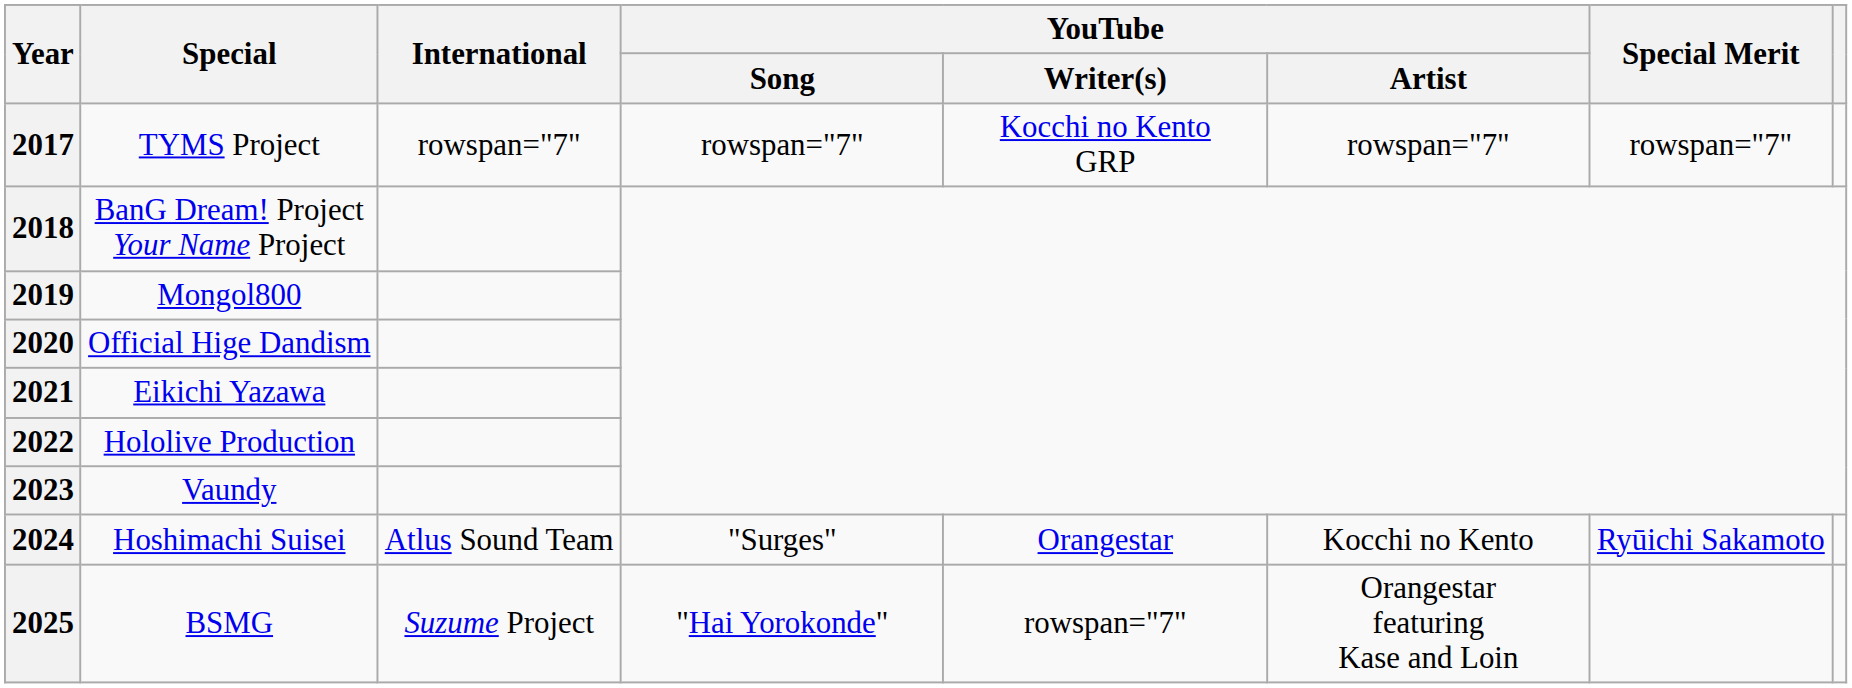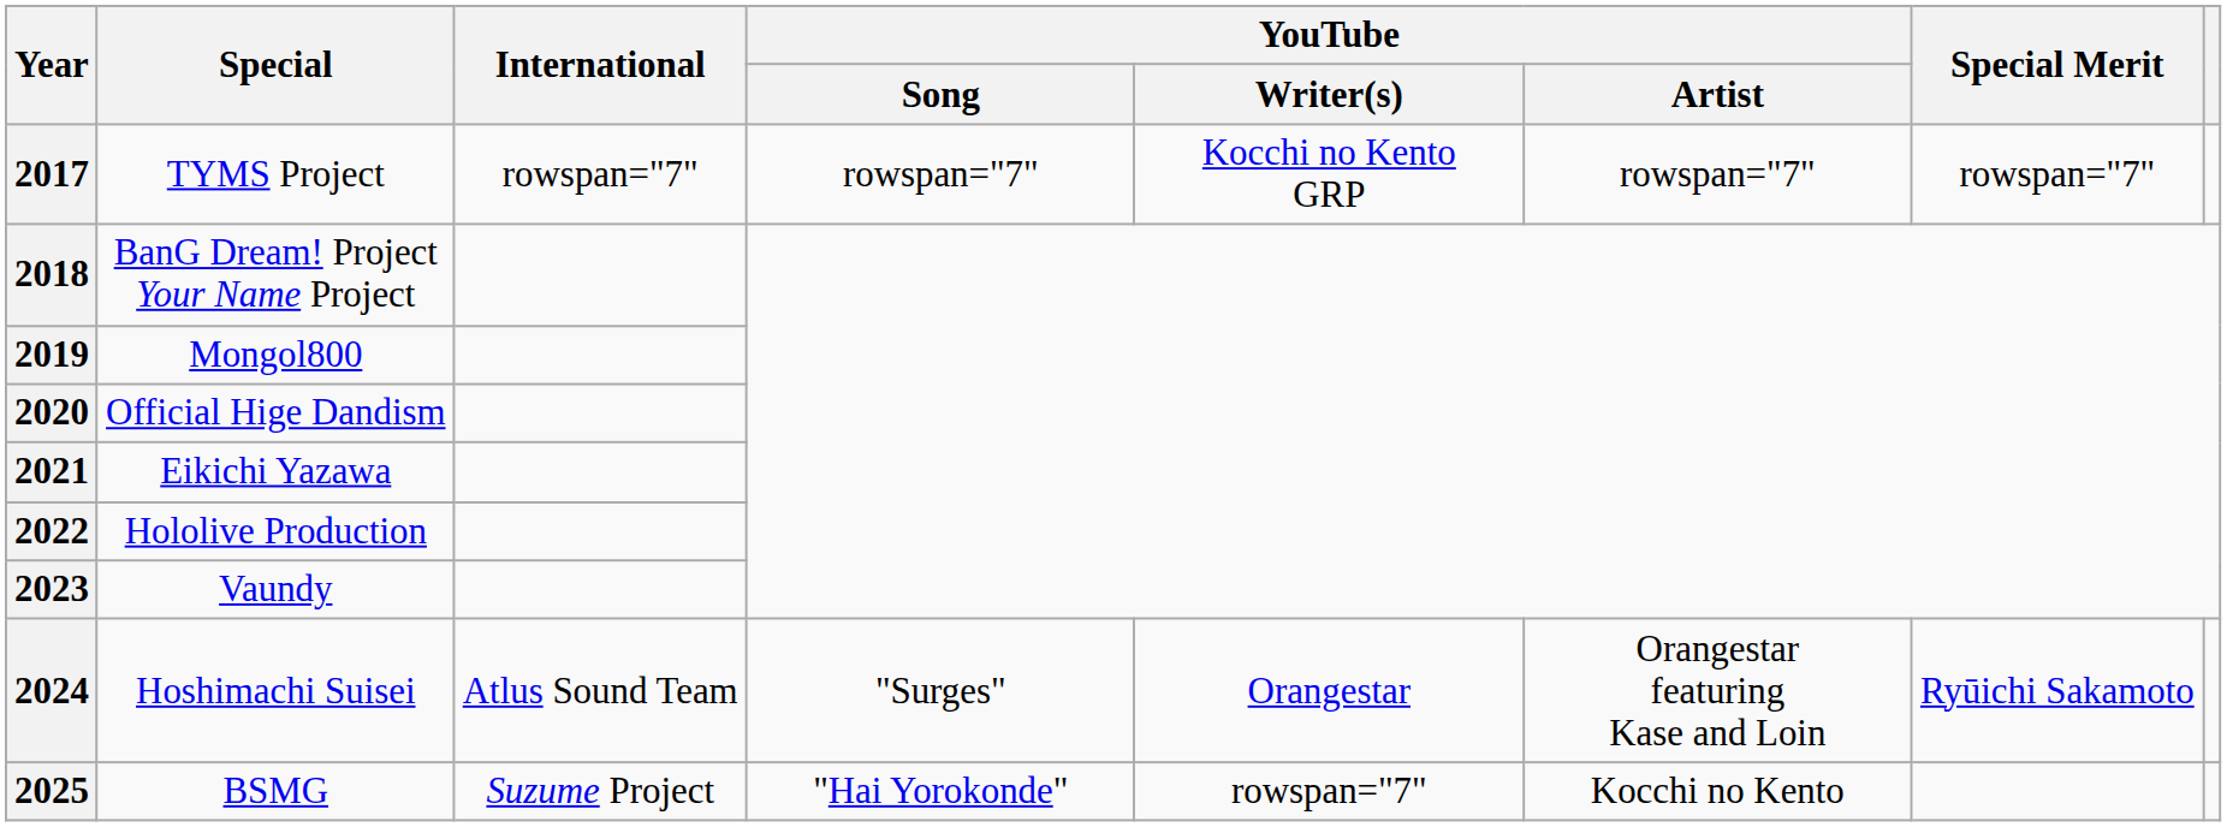 <table class="wikitable plainrowheaders" style="text-align:center">
 <tr>
 <th scope="col" rowspan="2">Year</th>
 <th scope="col" rowspan="2">Special</th>
 <th scope="col" rowspan="2">International</th>
 <th scope="col" colspan="3">YouTube</th>
 <th scope="col" rowspan="2">Special Merit</th>
 <th scope="col" rowspan="2"></th>
 </tr>
 <tr>
 <th scope="col" style="width:10em">Song</th>
 <th scope="col" style="width:10em">Writer(s)</th>
 <th scope="col" style="width:10em">Artist</th>
 </tr>
 <tr>
 <th scope="row" style="text-align:center">2017</th>
 <td><a href='#'>TYMS</a> Project</td>
 <td>rowspan="7" </td>
 <td>rowspan="7" </td>
 <td><a href='#'>Kocchi no Kento</a><br>GRP</td>
 <td>rowspan="7" </td>
 <td>rowspan="7" </td>
 <td></td>
 </tr>
 <tr>
 <th scope="row" style="text-align:center">2018</th>
 <td><a href='#'>BanG Dream!</a> Project<br><em><a href='#'>Your Name</a></em> Project</td>
 <td></td>
 </tr>
 <tr>
 <th scope="row" style="text-align:center">2019</th>
 <td><a href='#'>Mongol800</a></td>
 <td></td>
 </tr>
 <tr>
 <th scope="row" style="text-align:center">2020</th>
 <td><a href='#'>Official Hige Dandism</a></td>
 <td></td>
 </tr>
 <tr>
 <th scope="row" style="text-align:center">2021</th>
 <td><a href='#'>Eikichi Yazawa</a></td>
 <td></td>
 </tr>
 <tr>
 <th scope="row" style="text-align:center">2022</th>
 <td><a href='#'>Hololive Production</a></td>
 <td></td>
 </tr>
 <tr>
 <th scope="row" style="text-align:center">2023</th>
 <td><a href='#'>Vaundy</a></td>
 <td></td>
 </tr>
 <tr>
 <th scope="row" style="text-align:center">2024</th>
 <td><a href='#'>Hoshimachi Suisei</a></td>
 <td><a href='#'>Atlus</a> Sound Team</td>
 <td>"Surges"</td>
 <td><a href='#'>Orangestar</a></td>
-<td>Kocchi no Kento</td>
+<td>Orangestar<br>featuring<br>Kase and Loin</td>
 <td><a href='#'>Ryūichi Sakamoto</a></td>
 <td></td>
 </tr>
 <tr>
 <th scope="row" style="text-align:center">2025</th>
 <td><a href='#'>BSMG</a></td>
 <td><em><a href='#'>Suzume</a></em> Project</td>
 <td>"<a href='#'>Hai Yorokonde</a>"</td>
 <td>rowspan="7" </td>
-<td>Orangestar<br>featuring<br>Kase and Loin</td>
+<td>Kocchi no Kento</td>
 <td></td>
 <td></td>
 </tr>
 </table>
